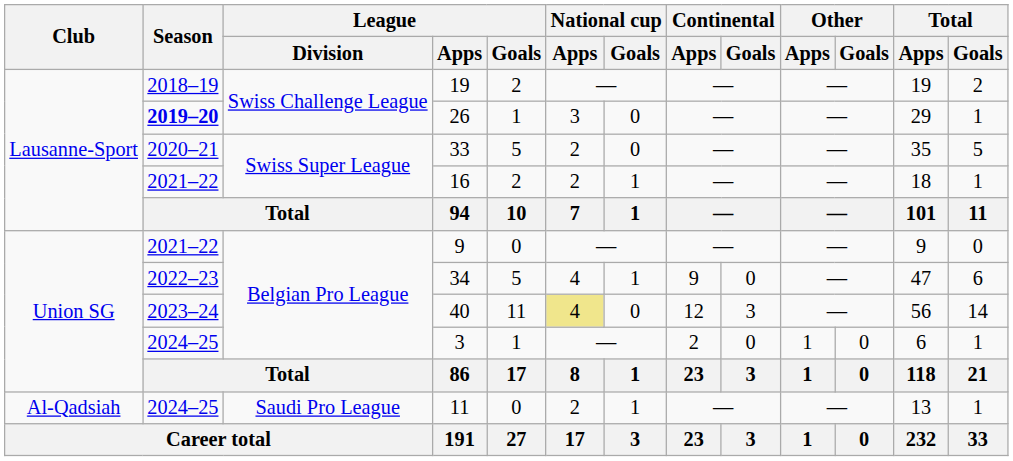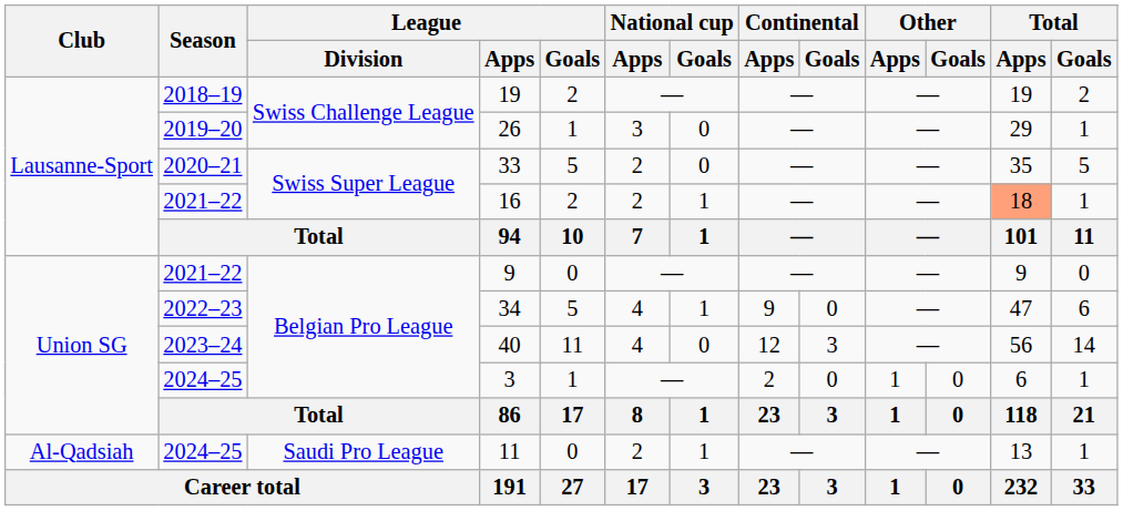 <table class="wikitable" style="text-align:center">
 <tr>
 <th rowspan="2">Club</th>
 <th rowspan="2">Season</th>
 <th colspan="3">League</th>
 <th colspan="2">National cup</th>
 <th colspan="2">Continental</th>
 <th colspan="2">Other</th>
 <th colspan="2">Total</th>
 </tr>
 <tr>
 <th>Division</th>
 <th>Apps</th>
 <th>Goals</th>
 <th>Apps</th>
 <th>Goals</th>
 <th>Apps</th>
 <th>Goals</th>
 <th>Apps</th>
 <th>Goals</th>
 <th>Apps</th>
 <th>Goals</th>
 </tr>
 <tr>
 <td rowspan="5"><a href='#'>Lausanne-Sport</a></td>
 <td><a href='#'>2018–19</a></td>
 <td rowspan="2"><a href='#'>Swiss Challenge League</a></td>
 <td>19</td>
 <td>2</td>
 <td colspan="2">—</td>
 <td colspan="2">—</td>
 <td colspan="2">—</td>
 <td>19</td>
 <td>2</td>
 </tr>
 <tr>
-<td><strong><a href='#'>2019–20</a></strong></td>
+<td><a href='#'>2019–20</a></td>
 <td>26</td>
 <td>1</td>
 <td>3</td>
 <td>0</td>
 <td colspan="2">—</td>
 <td colspan="2">—</td>
 <td>29</td>
 <td>1</td>
 </tr>
 <tr>
 <td><a href='#'>2020–21</a></td>
 <td rowspan="2"><a href='#'>Swiss Super League</a></td>
 <td>33</td>
 <td>5</td>
 <td>2</td>
 <td>0</td>
 <td colspan="2">—</td>
 <td colspan="2">—</td>
 <td>35</td>
 <td>5</td>
 </tr>
 <tr>
 <td><a href='#'>2021–22</a></td>
 <td>16</td>
 <td>2</td>
 <td>2</td>
 <td>1</td>
 <td colspan="2">—</td>
 <td colspan="2">—</td>
-<td>18</td>
+<td style="background: lightsalmon;">18</td>
 <td>1</td>
 </tr>
 <tr>
 <th colspan="2">Total</th>
 <th>94</th>
 <th>10</th>
 <th>7</th>
 <th>1</th>
 <th colspan="2">—</th>
 <th colspan="2">—</th>
 <th>101</th>
 <th>11</th>
 </tr>
 <tr>
 <td rowspan="5"><a href='#'>Union SG</a></td>
 <td><a href='#'>2021–22</a></td>
 <td rowspan="4"><a href='#'>Belgian Pro League</a></td>
 <td>9</td>
 <td>0</td>
 <td colspan="2">—</td>
 <td colspan="2">—</td>
 <td colspan="2">—</td>
 <td>9</td>
 <td>0</td>
 </tr>
 <tr>
 <td><a href='#'>2022–23</a></td>
 <td>34</td>
 <td>5</td>
 <td>4</td>
 <td>1</td>
 <td>9</td>
 <td>0</td>
 <td colspan="2">—</td>
 <td>47</td>
 <td>6</td>
 </tr>
 <tr>
 <td><a href='#'>2023–24</a></td>
 <td>40</td>
 <td>11</td>
-<td style="background: khaki;">4</td>
+<td>4</td>
 <td>0</td>
 <td>12</td>
 <td>3</td>
 <td colspan="2">—</td>
 <td>56</td>
 <td>14</td>
 </tr>
 <tr>
 <td><a href='#'>2024–25</a></td>
 <td>3</td>
 <td>1</td>
 <td colspan="2">—</td>
 <td>2</td>
 <td>0</td>
 <td>1</td>
 <td>0</td>
 <td>6</td>
 <td>1</td>
 </tr>
 <tr>
 <th colspan="2">Total</th>
 <th>86</th>
 <th>17</th>
 <th>8</th>
 <th>1</th>
 <th>23</th>
 <th>3</th>
 <th>1</th>
 <th>0</th>
 <th>118</th>
 <th>21</th>
 </tr>
 <tr>
 <td><a href='#'>Al-Qadsiah</a></td>
 <td><a href='#'>2024–25</a></td>
 <td><a href='#'>Saudi Pro League</a></td>
 <td>11</td>
 <td>0</td>
 <td>2</td>
 <td>1</td>
 <td colspan="2">—</td>
 <td colspan="2">—</td>
 <td>13</td>
 <td>1</td>
 </tr>
 <tr>
 <th colspan="3">Career total</th>
 <th>191</th>
 <th>27</th>
 <th>17</th>
 <th>3</th>
 <th>23</th>
 <th>3</th>
 <th>1</th>
 <th>0</th>
 <th>232</th>
 <th>33</th>
 </tr>
 </table>
